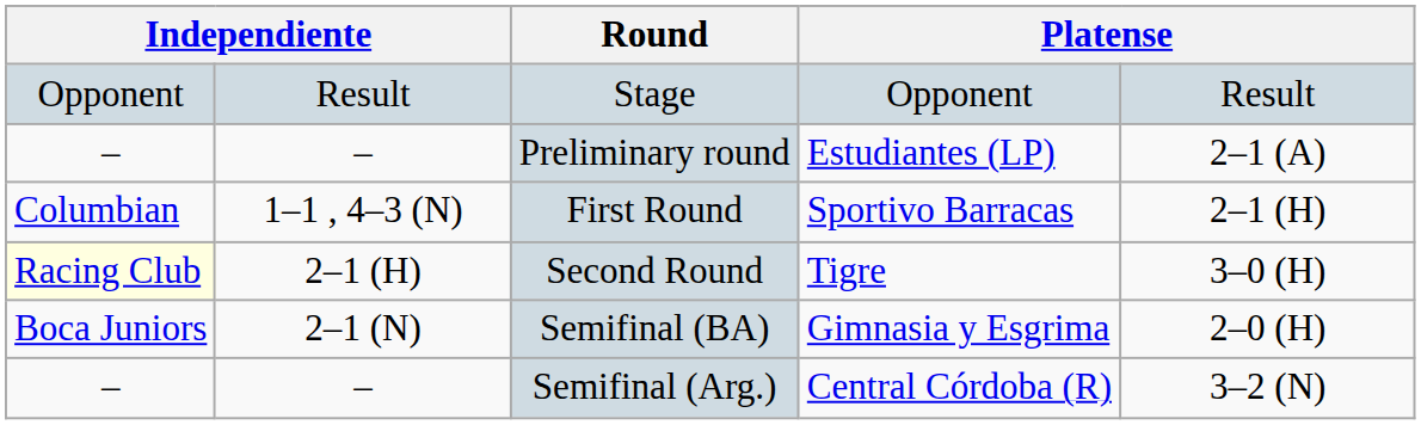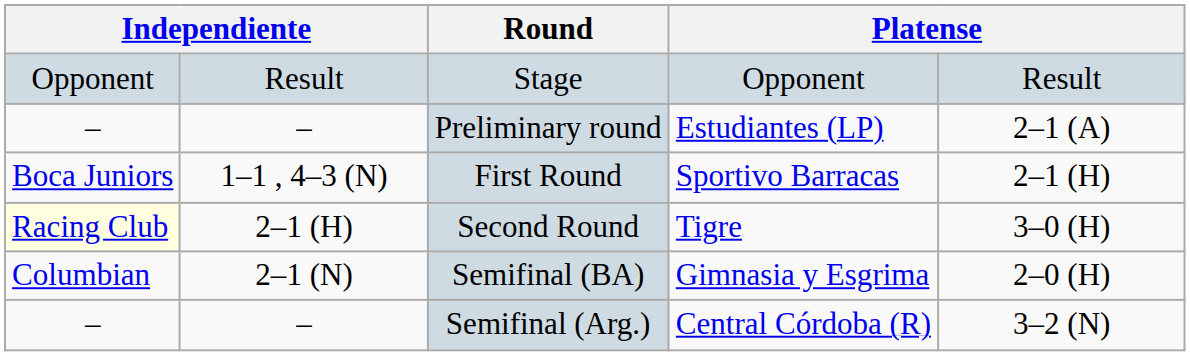 <table class="wikitable" style="text-align:center;">
 <tr>
 <th colspan=3 width=200px><a href='#'>Independiente</a></th>
 <th>Round</th>
 <th colspan=3 width=200px><a href='#'>Platense</a></th>
 </tr>
 <tr bgcolor= #CFDBE2>
 <td>Opponent</td>
 <td colspan=2 width=120px>Result</td>
 <td>Stage</td>
 <td>Opponent</td>
 <td colspan=2 width=120px>Result</td>
 </tr>
 <tr>
 <td align=center>–</td>
 <td colspan=2>–</td>
 <td bgcolor= #CFDBE2>Preliminary round</td>
 <td align=left><a href='#'>Estudiantes (LP)</a></td>
 <td colspan=2>2–1 (A)</td>
 </tr>
 <tr>
-<td align=left><a href='#'>Columbian</a></td>
+<td align=left><a href='#'>Boca Juniors</a></td>
 <td colspan=2>1–1 , 4–3 (N)</td>
 <td bgcolor= #CFDBE2>First Round</td>
 <td align=left><a href='#'>Sportivo Barracas</a></td>
 <td colspan=2>2–1  (H)</td>
 </tr>
 <tr>
 <td align=left style="background: lightyellow;"><a href='#'>Racing Club</a></td>
 <td colspan=2>2–1 (H)</td>
 <td bgcolor= #CFDBE2>Second Round</td>
 <td align=left><a href='#'>Tigre</a></td>
 <td colspan=2>3–0 (H)</td>
 </tr>
 <tr>
-<td align=left><a href='#'>Boca Juniors</a></td>
+<td align=left><a href='#'>Columbian</a></td>
 <td colspan=2>2–1  (N)</td>
 <td bgcolor= #CFDBE2>Semifinal (BA)</td>
 <td align=left><a href='#'>Gimnasia y Esgrima</a></td>
 <td colspan=2>2–0 (H)</td>
 </tr>
 <tr>
 <td align=center>–</td>
 <td colspan=2>–</td>
 <td bgcolor= #CFDBE2>Semifinal (Arg.)</td>
 <td align=left><a href='#'>Central Córdoba (R)</a></td>
 <td colspan=2>3–2 (N) </td>
 </tr>
 </table>
